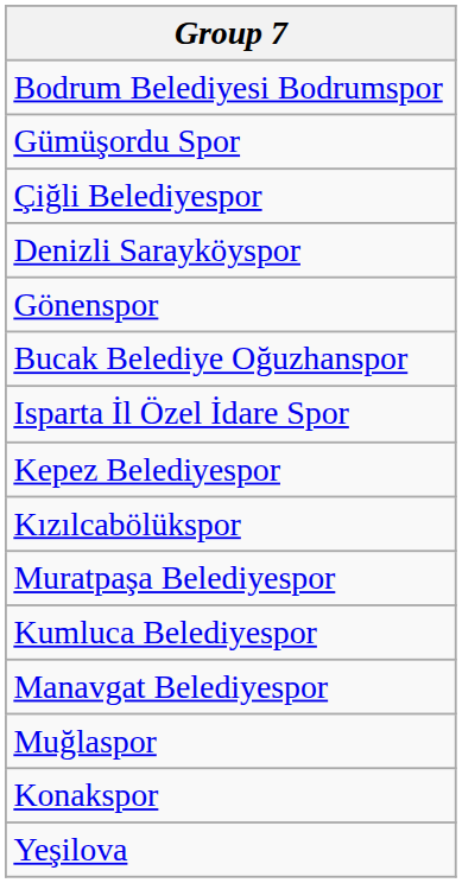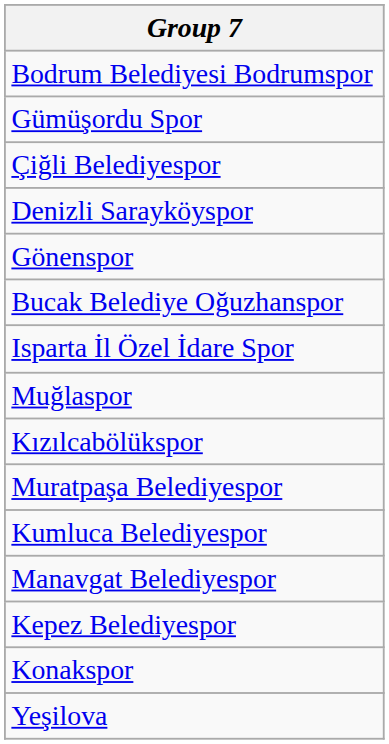 <table class="wikitable collapsible collapsed" style="font-size:95%;">
 <tr>
 <th colspan="1" width="200"><em>Group 7</em></th>
 </tr>
 <tr>
 <td><a href='#'>Bodrum Belediyesi Bodrumspor</a></td>
 </tr>
 <tr>
 <td><a href='#'>Gümüşordu Spor</a></td>
 </tr>
 <tr>
 <td><a href='#'>Çiğli Belediyespor</a></td>
 </tr>
 <tr>
 <td><a href='#'>Denizli Sarayköyspor</a></td>
 </tr>
 <tr>
 <td><a href='#'>Gönenspor</a></td>
 </tr>
 <tr>
 <td><a href='#'>Bucak Belediye Oğuzhanspor</a></td>
 </tr>
 <tr>
 <td><a href='#'>Isparta İl Özel İdare Spor</a></td>
 </tr>
 <tr>
-<td><a href='#'>Kepez Belediyespor</a></td>
+<td><a href='#'>Muğlaspor</a></td>
 </tr>
 <tr>
 <td><a href='#'>Kızılcabölükspor</a></td>
 </tr>
 <tr>
 <td><a href='#'>Muratpaşa Belediyespor</a></td>
 </tr>
 <tr>
 <td><a href='#'>Kumluca Belediyespor</a></td>
 </tr>
 <tr>
 <td><a href='#'>Manavgat Belediyespor</a></td>
 </tr>
 <tr>
-<td><a href='#'>Muğlaspor</a></td>
+<td><a href='#'>Kepez Belediyespor</a></td>
 </tr>
 <tr>
 <td><a href='#'>Konakspor</a></td>
 </tr>
 <tr>
 <td><a href='#'>Yeşilova</a></td>
 </tr>
 </table>
